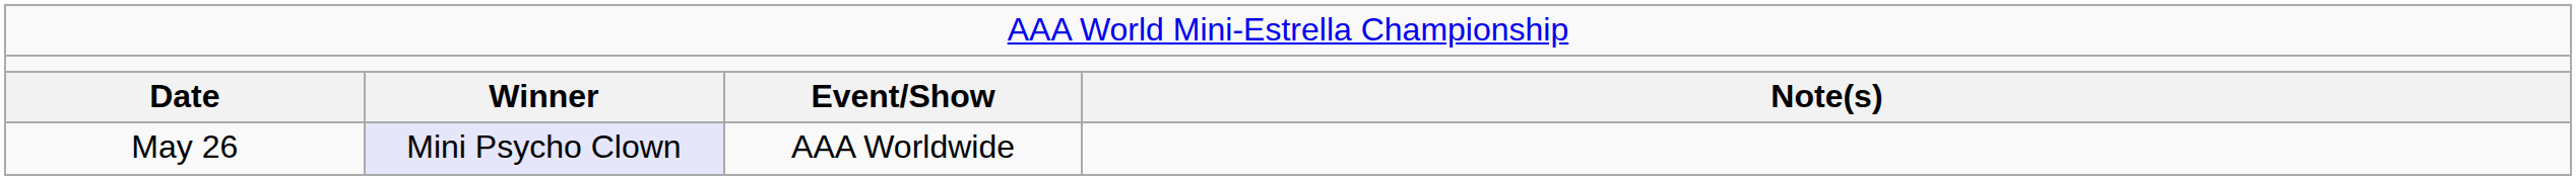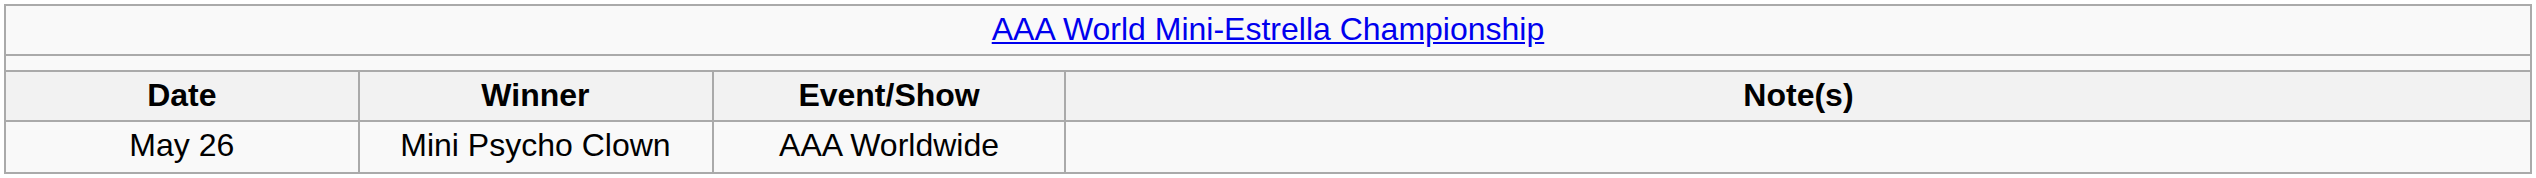 <table class="wikitable" style="text-align:center; width:100%;">
 <tr>
 <td colspan="5"><a href='#'>AAA World Mini-Estrella Championship</a></td>
 </tr>
 <tr>
 <td colspan="5"><strong></strong></td>
 </tr>
 <tr>
 <th width="14%">Date</th>
 <th width="14%">Winner</th>
 <th width="14%">Event/Show</th>
 <th width="58%">Note(s)</th>
 </tr>
 <tr>
 <td>May 26</td>
-<td style="background: lavender;">Mini Psycho Clown</td>
+<td>Mini Psycho Clown</td>
 <td>AAA Worldwide</td>
 <td align="left"></td>
 </tr>
 </table>
